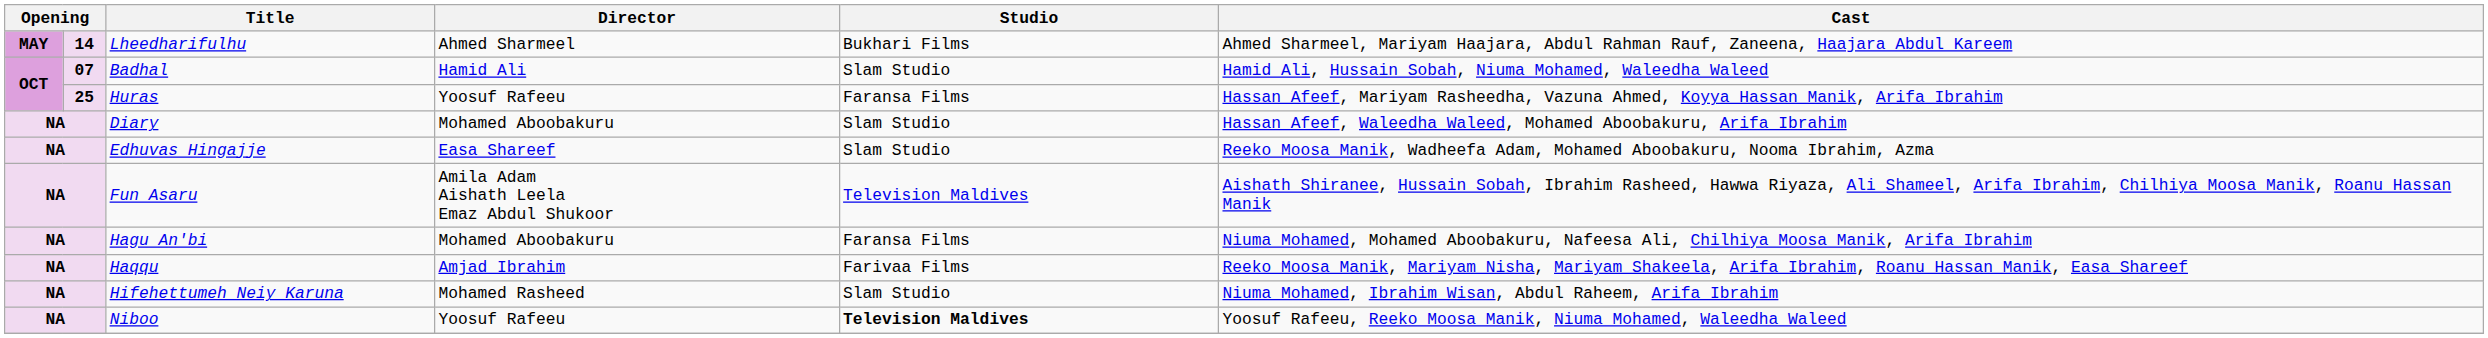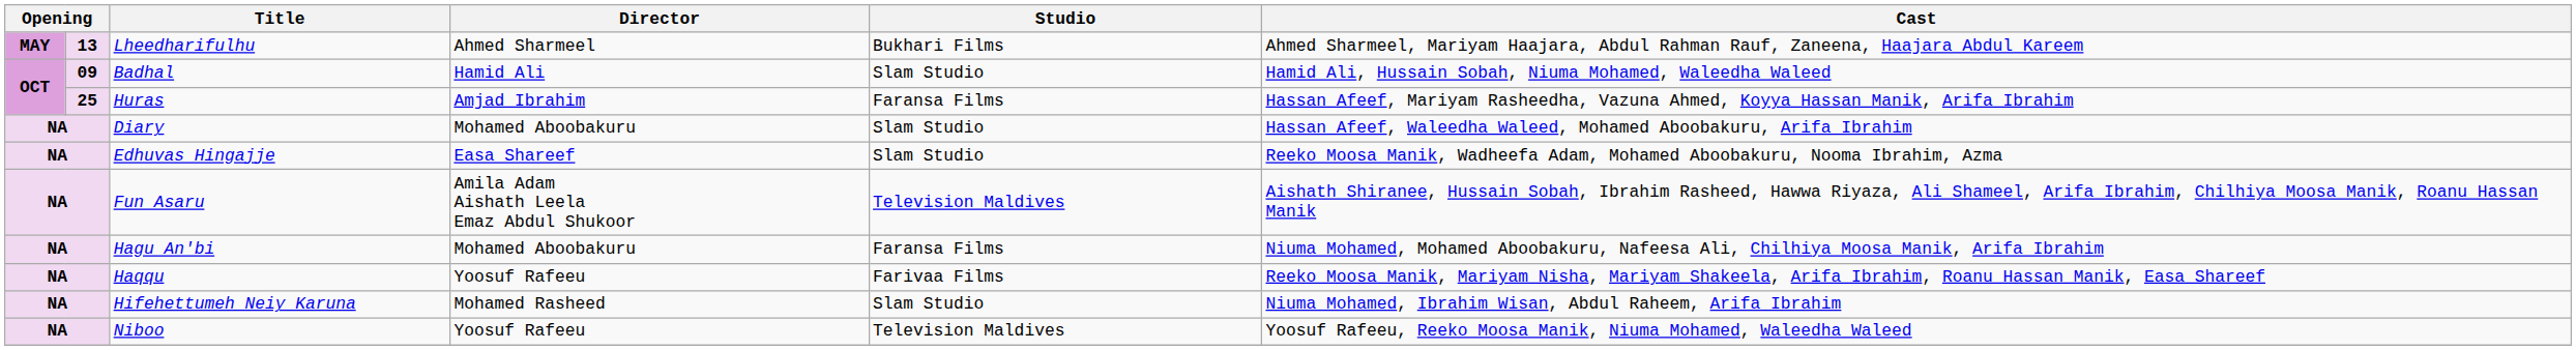 <table class="wikitable plainrowheaders" width="100%">
 <tr>
 <th scope="col" colspan="2" width=4%>Opening</th>
 <th scope="col" width=13%>Title</th>
 <th scope="col" width=16%>Director</th>
 <th scope="col" width=15%>Studio</th>
 <th scope="col" width=50%>Cast</th>
 </tr>
 <tr>
 <td style="text-align:center; background:plum; textcolor:#000;"><strong>MAY</strong></td>
-<td style="text-align:center; background:#f1daf1;"><strong>14</strong></td>
+<td style="text-align:center; background:#f1daf1;"><strong>13</strong></td>
 <td><em><a href='#'>Lheedharifulhu</a></em></td>
 <td>Ahmed Sharmeel</td>
 <td>Bukhari Films</td>
 <td>Ahmed Sharmeel, Mariyam Haajara, Abdul Rahman Rauf, Zaneena, <a href='#'>Haajara Abdul Kareem</a></td>
 </tr>
 <tr>
 <td style="text-align:center; background:plum; textcolor:#000;" rowspan="2"><strong>OCT</strong></td>
-<td style="text-align:center; background:#f1daf1;"><strong>07</strong></td>
+<td style="text-align:center; background:#f1daf1;"><strong>09</strong></td>
 <td><em><a href='#'>Badhal</a></em></td>
 <td><a href='#'>Hamid Ali</a></td>
 <td>Slam Studio</td>
 <td><a href='#'>Hamid Ali</a>, <a href='#'>Hussain Sobah</a>, <a href='#'>Niuma Mohamed</a>, <a href='#'>Waleedha Waleed</a></td>
 </tr>
 <tr>
 <td style="text-align:center; background:#f1daf1;"><strong>25</strong></td>
 <td><em><a href='#'>Huras</a></em></td>
-<td>Yoosuf Rafeeu</td>
+<td><a href='#'>Amjad Ibrahim</a></td>
 <td>Faransa Films</td>
 <td><a href='#'>Hassan Afeef</a>, Mariyam Rasheedha, Vazuna Ahmed, <a href='#'>Koyya Hassan Manik</a>, <a href='#'>Arifa Ibrahim</a></td>
 </tr>
 <tr>
 <td style="text-align:center; background:#f1daf1;" colspan="2"><strong>NA</strong></td>
 <td><a href='#'><em>Diary</em></a></td>
 <td>Mohamed Aboobakuru</td>
 <td>Slam Studio</td>
 <td><a href='#'>Hassan Afeef</a>, <a href='#'>Waleedha Waleed</a>, Mohamed Aboobakuru, <a href='#'>Arifa Ibrahim</a></td>
 </tr>
 <tr>
 <td style="text-align:center; background:#f1daf1;" colspan="2"><strong>NA</strong></td>
 <td><em><a href='#'>Edhuvas Hingajje</a></em></td>
 <td><a href='#'>Easa Shareef</a></td>
 <td>Slam Studio</td>
 <td><a href='#'>Reeko Moosa Manik</a>, Wadheefa Adam, Mohamed Aboobakuru, Nooma Ibrahim, Azma</td>
 </tr>
 <tr>
 <td style="text-align:center; background:#f1daf1;" colspan="2"><strong>NA</strong></td>
 <td><em><a href='#'>Fun Asaru</a></em></td>
 <td>Amila Adam<br>Aishath Leela<br>Emaz Abdul Shukoor</td>
 <td><a href='#'>Television Maldives</a></td>
 <td><a href='#'>Aishath Shiranee</a>, <a href='#'>Hussain Sobah</a>, Ibrahim Rasheed, Hawwa Riyaza, <a href='#'>Ali Shameel</a>, <a href='#'>Arifa Ibrahim</a>, <a href='#'>Chilhiya Moosa Manik</a>, <a href='#'>Roanu Hassan Manik</a></td>
 </tr>
 <tr>
 <td style="text-align:center; background:#f1daf1;" colspan="2"><strong>NA</strong></td>
 <td><em><a href='#'>Hagu An'bi</a></em></td>
 <td>Mohamed Aboobakuru</td>
 <td>Faransa Films</td>
 <td><a href='#'>Niuma Mohamed</a>, Mohamed Aboobakuru, Nafeesa Ali, <a href='#'>Chilhiya Moosa Manik</a>, <a href='#'>Arifa Ibrahim</a></td>
 </tr>
 <tr>
 <td style="text-align:center; background:#f1daf1;" colspan="2"><strong>NA</strong></td>
 <td><em><a href='#'>Haqqu</a></em></td>
-<td><a href='#'>Amjad Ibrahim</a></td>
+<td>Yoosuf Rafeeu</td>
 <td>Farivaa Films</td>
 <td><a href='#'>Reeko Moosa Manik</a>, <a href='#'>Mariyam Nisha</a>, <a href='#'>Mariyam Shakeela</a>, <a href='#'>Arifa Ibrahim</a>, <a href='#'>Roanu Hassan Manik</a>, <a href='#'>Easa Shareef</a></td>
 </tr>
 <tr>
 <td style="text-align:center; background:#f1daf1;" colspan="2"><strong>NA</strong></td>
 <td><em><a href='#'>Hifehettumeh Neiy Karuna</a></em></td>
 <td>Mohamed Rasheed</td>
 <td>Slam Studio</td>
 <td><a href='#'>Niuma Mohamed</a>, <a href='#'>Ibrahim Wisan</a>, Abdul Raheem, <a href='#'>Arifa Ibrahim</a></td>
 </tr>
 <tr>
 <td style="text-align:center; background:#f1daf1;" colspan="2"><strong>NA</strong></td>
 <td><em><a href='#'>Niboo</a></em></td>
 <td>Yoosuf Rafeeu</td>
-<td><strong>Television Maldives</strong></td>
+<td>Television Maldives</td>
 <td>Yoosuf Rafeeu, <a href='#'>Reeko Moosa Manik</a>, <a href='#'>Niuma Mohamed</a>, <a href='#'>Waleedha Waleed</a></td>
 </tr>
 <tr>
 </tr>
 </table>
